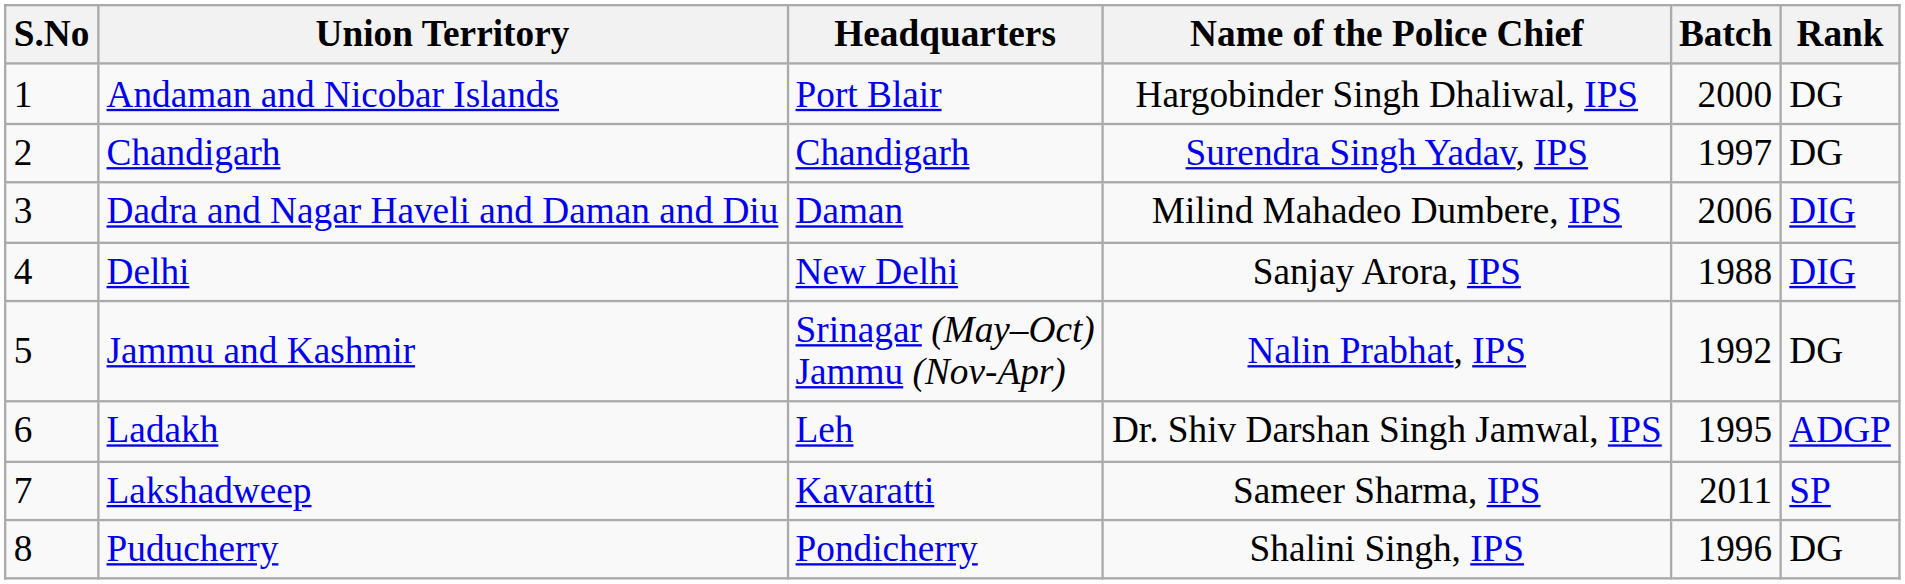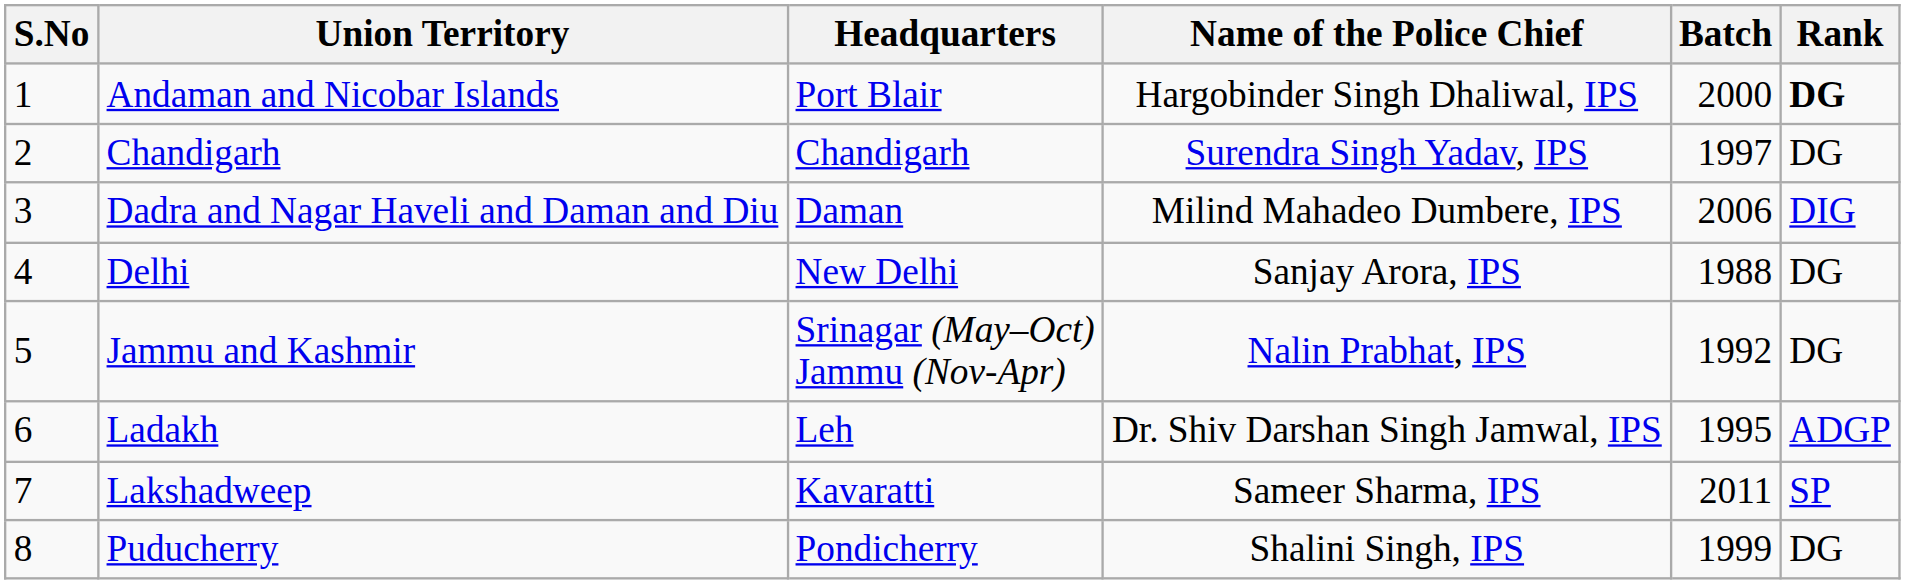 <table class="wikitable sortable">
 <tr>
 <th style="padding-center:15px;">S.No</th>
 <th style="padding-center:15px;">Union Territory</th>
 <th style="padding-center:15px;">Headquarters</th>
 <th style="padding-center:15px;">Name of the Police Chief</th>
 <th style="padding-center:15px;">Batch</th>
 <th>Rank</th>
 </tr>
 <tr>
 <td>1</td>
 <td><a href='#'>Andaman and Nicobar Islands</a></td>
 <td><a href='#'>Port Blair</a></td>
 <td align=center>Hargobinder Singh Dhaliwal, <a href='#'>IPS</a></td>
 <td align=right>2000</td>
-<td>DG</td>
+<td><strong>DG</strong></td>
 </tr>
 <tr>
 <td>2</td>
 <td><a href='#'>Chandigarh</a></td>
 <td><a href='#'>Chandigarh</a></td>
 <td align=center><a href='#'>Surendra Singh Yadav</a>, <a href='#'>IPS</a></td>
 <td align=right>1997</td>
 <td>DG</td>
 </tr>
 <tr>
 <td>3</td>
 <td><a href='#'>Dadra and Nagar Haveli and Daman and Diu</a></td>
 <td><a href='#'>Daman</a></td>
 <td align=center>Milind Mahadeo Dumbere, <a href='#'>IPS</a></td>
 <td align=right>2006</td>
 <td><a href='#'>DIG</a></td>
 </tr>
 <tr>
 <td>4</td>
 <td><a href='#'>Delhi</a></td>
 <td><a href='#'>New Delhi</a></td>
 <td align=center>Sanjay Arora, <a href='#'>IPS</a></td>
 <td align=right>1988</td>
-<td><a href='#'>DIG</a></td>
+<td>DG</td>
 </tr>
 <tr>
 <td>5</td>
 <td><a href='#'>Jammu and Kashmir</a></td>
 <td><a href='#'>Srinagar</a> <em>(May–Oct)</em> <br> <a href='#'>Jammu</a> <em>(Nov-Apr)</em></td>
 <td align=center><a href='#'>Nalin Prabhat</a>, <a href='#'>IPS</a></td>
 <td align=right>1992</td>
 <td>DG</td>
 </tr>
 <tr>
 <td>6</td>
 <td><a href='#'>Ladakh</a></td>
 <td><a href='#'>Leh</a></td>
 <td align=center>Dr. Shiv Darshan Singh Jamwal, <a href='#'>IPS</a></td>
 <td align=right>1995</td>
 <td><a href='#'>ADGP</a></td>
 </tr>
 <tr>
 <td>7</td>
 <td><a href='#'>Lakshadweep</a></td>
 <td><a href='#'>Kavaratti</a></td>
 <td align=center>Sameer Sharma, <a href='#'>IPS</a></td>
 <td align=right>2011</td>
 <td><a href='#'>SP</a></td>
 </tr>
 <tr>
 <td>8</td>
 <td><a href='#'>Puducherry</a></td>
 <td><a href='#'>Pondicherry</a></td>
 <td align=center>Shalini Singh, <a href='#'>IPS</a></td>
-<td align=right>1996</td>
+<td align=right>1999</td>
 <td>DG</td>
 </tr>
 </table>
